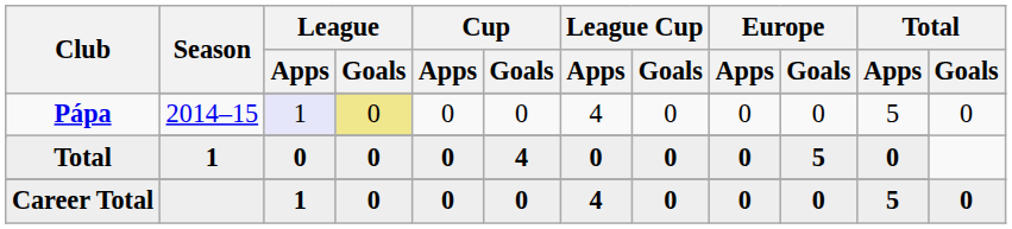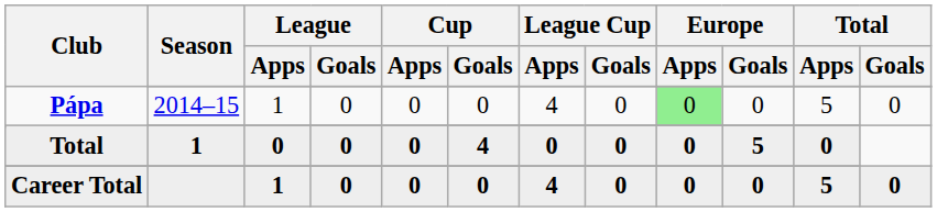 <table class="wikitable" style="font-size:90%; text-align: center;">
 <tr>
 <th rowspan="2">Club</th>
 <th rowspan="2">Season</th>
 <th colspan="2">League</th>
 <th colspan="2">Cup</th>
 <th colspan="2">League Cup</th>
 <th colspan="2">Europe</th>
 <th colspan="2">Total</th>
 </tr>
 <tr>
 <th>Apps</th>
 <th>Goals</th>
 <th>Apps</th>
 <th>Goals</th>
 <th>Apps</th>
 <th>Goals</th>
 <th>Apps</th>
 <th>Goals</th>
 <th>Apps</th>
 <th>Goals</th>
 </tr>
 <tr ||-||-||-|->
 <td rowspan="3" valign="center"><strong><a href='#'>Pápa</a></strong></td>
 </tr>
 <tr>
 <td><a href='#'>2014–15</a></td>
-<td style="background: lavender;">1</td>
-<td style="background: khaki;">0</td>
+<td>1</td>
+<td>0</td>
 <td>0</td>
 <td>0</td>
 <td>4</td>
 <td>0</td>
-<td>0</td>
+<td style="background: lightgreen;">0</td>
 <td>0</td>
 <td>5</td>
 <td>0</td>
 </tr>
 <tr>
 </tr>
 <tr style="font-weight:bold; background-color:#eeeeee;">
 <td>Total</td>
 <td>1</td>
 <td>0</td>
 <td>0</td>
 <td>0</td>
 <td>4</td>
 <td>0</td>
 <td>0</td>
 <td>0</td>
 <td>5</td>
 <td>0</td>
 </tr>
 <tr>
 </tr>
 <tr style="font-weight:bold; background-color:#eeeeee;">
 <td rowspan="2" valign="top"><strong>Career Total</strong></td>
 <td></td>
 <td><strong>1</strong></td>
 <td><strong>0</strong></td>
 <td><strong>0</strong></td>
 <td><strong>0</strong></td>
 <td><strong>4</strong></td>
 <td><strong>0</strong></td>
 <td><strong>0</strong></td>
 <td><strong>0</strong></td>
 <td><strong>5</strong></td>
 <td><strong>0</strong></td>
 </tr>
 </table>
